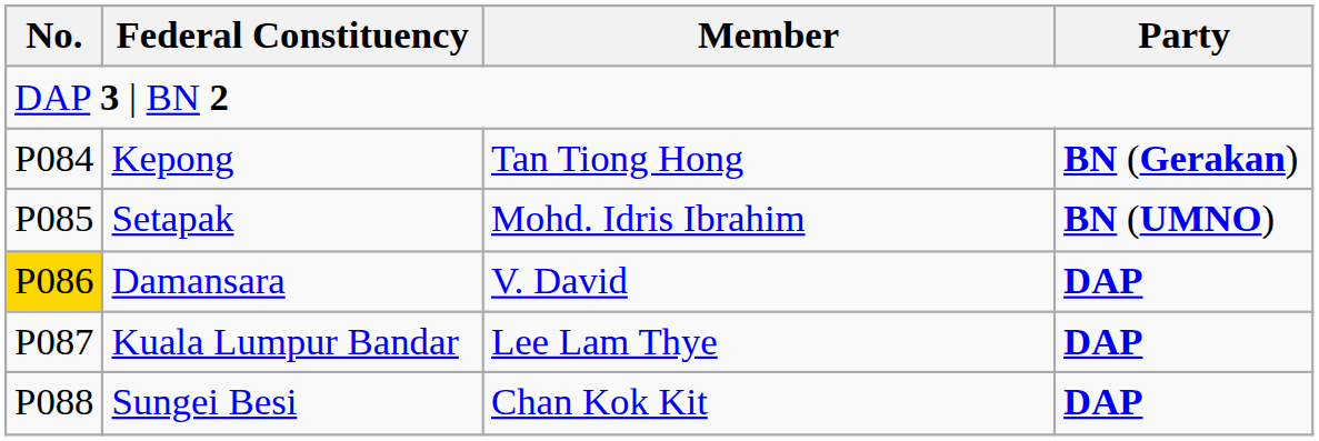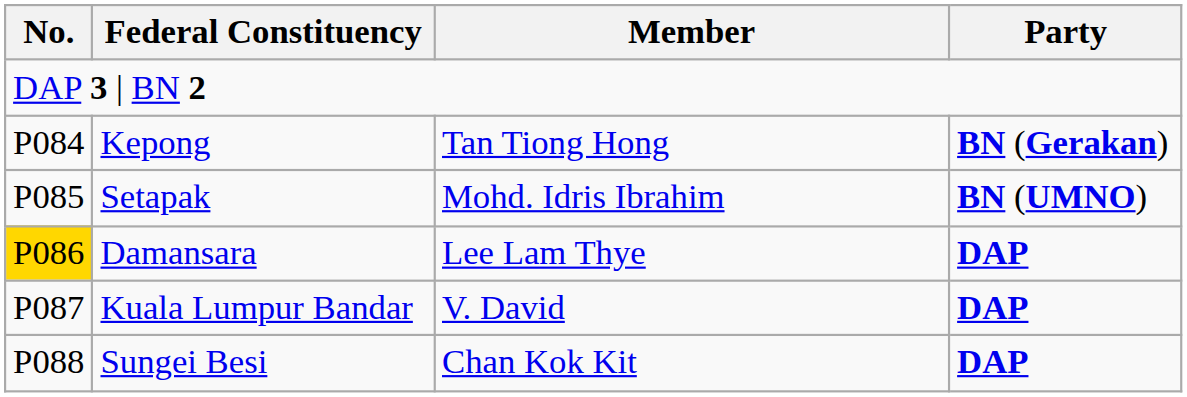 <table class="wikitable sortable">
 <tr>
 <th style="width:30px;">No.</th>
 <th style="width:150px;">Federal Constituency</th>
 <th style="width:230px;">Member</th>
 <th style="width:100px;">Party</th>
 </tr>
 <tr>
 <td colspan="4"><a href='#'>DAP</a> <strong>3</strong> | <a href='#'>BN</a> <strong>2</strong></td>
 </tr>
 <tr>
 <td>P084</td>
 <td><a href='#'>Kepong</a></td>
 <td><a href='#'>Tan Tiong Hong</a></td>
 <td><strong><a href='#'>BN</a></strong> (<strong><a href='#'>Gerakan</a></strong>)</td>
 </tr>
 <tr>
 <td>P085</td>
 <td><a href='#'>Setapak</a></td>
 <td><a href='#'>Mohd. Idris Ibrahim</a></td>
 <td><strong><a href='#'>BN</a></strong> (<strong><a href='#'>UMNO</a></strong>)</td>
 </tr>
 <tr>
 <td style="background: gold;">P086</td>
 <td><a href='#'>Damansara</a></td>
-<td><a href='#'>V. David</a></td>
+<td><a href='#'>Lee Lam Thye</a></td>
 <td><strong><a href='#'>DAP</a></strong></td>
 </tr>
 <tr>
 <td>P087</td>
 <td><a href='#'>Kuala Lumpur Bandar</a></td>
-<td><a href='#'>Lee Lam Thye</a></td>
+<td><a href='#'>V. David</a></td>
 <td><strong><a href='#'>DAP</a></strong></td>
 </tr>
 <tr>
 <td>P088</td>
 <td><a href='#'>Sungei Besi</a></td>
 <td><a href='#'>Chan Kok Kit</a></td>
 <td><strong><a href='#'>DAP</a></strong></td>
 </tr>
 </table>
